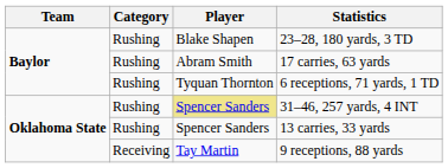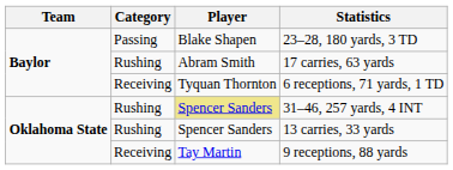 <table class="wikitable" style="float: right;">
 <tr>
 <th>Team</th>
 <th>Category</th>
 <th>Player</th>
 <th>Statistics</th>
 </tr>
 <tr>
 <td rowspan=3><strong>Baylor</strong></td>
-<td>Rushing</td>
+<td>Passing</td>
 <td>Blake Shapen</td>
 <td>23–28, 180 yards, 3 TD</td>
 </tr>
 <tr>
 <td>Rushing</td>
 <td>Abram Smith</td>
 <td>17 carries, 63 yards</td>
 </tr>
 <tr>
-<td>Rushing</td>
+<td>Receiving</td>
 <td>Tyquan Thornton</td>
 <td>6 receptions, 71 yards, 1 TD</td>
 </tr>
 <tr>
 <td rowspan=3><strong>Oklahoma State</strong></td>
 <td>Rushing</td>
 <td style="background: khaki;"><a href='#'>Spencer Sanders</a></td>
 <td>31–46, 257 yards, 4 INT</td>
 </tr>
 <tr>
 <td>Rushing</td>
 <td>Spencer Sanders</td>
 <td>13 carries, 33 yards</td>
 </tr>
 <tr>
 <td>Receiving</td>
 <td><a href='#'>Tay Martin</a></td>
 <td>9 receptions, 88 yards</td>
 </tr>
 </table>
